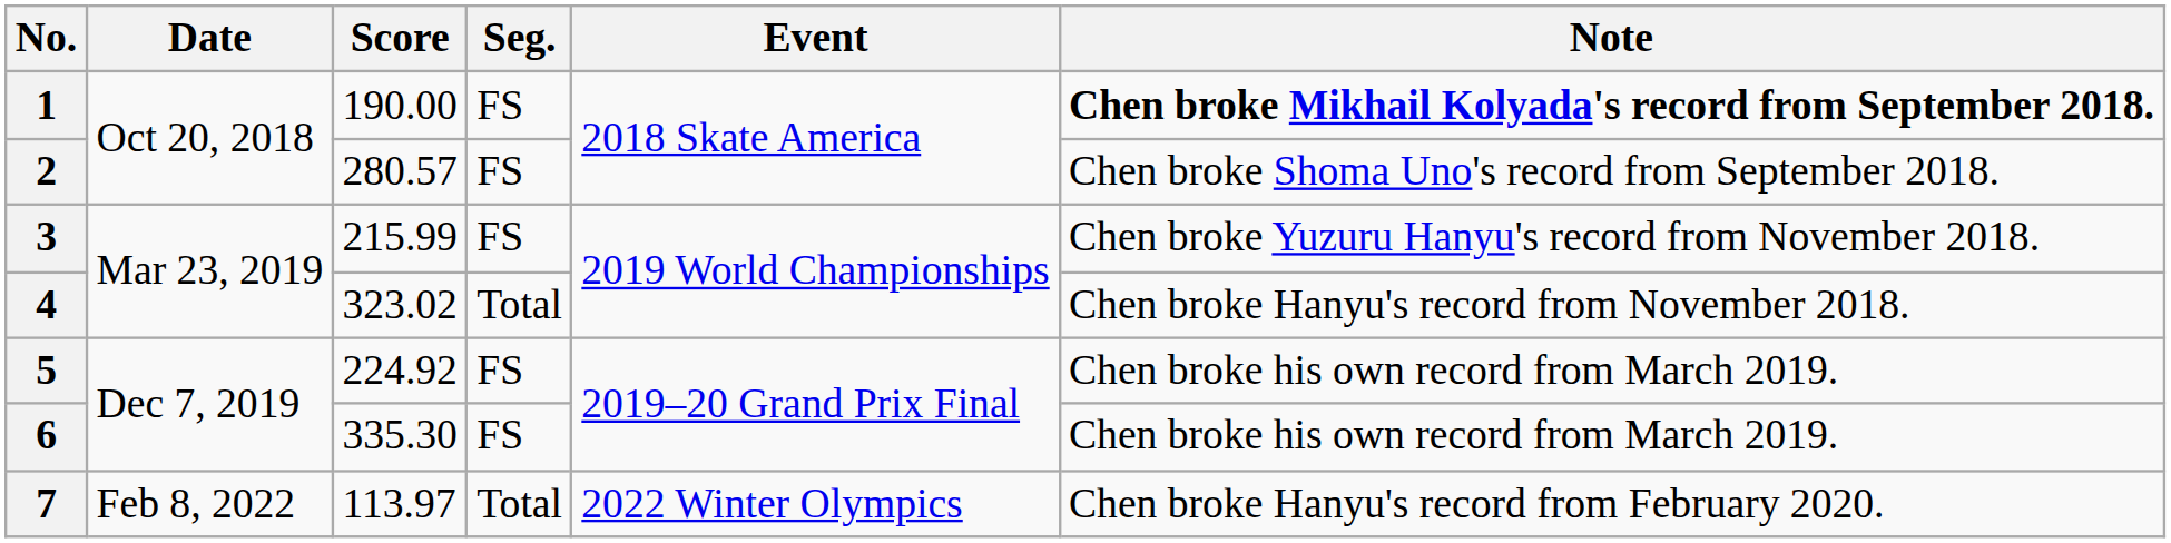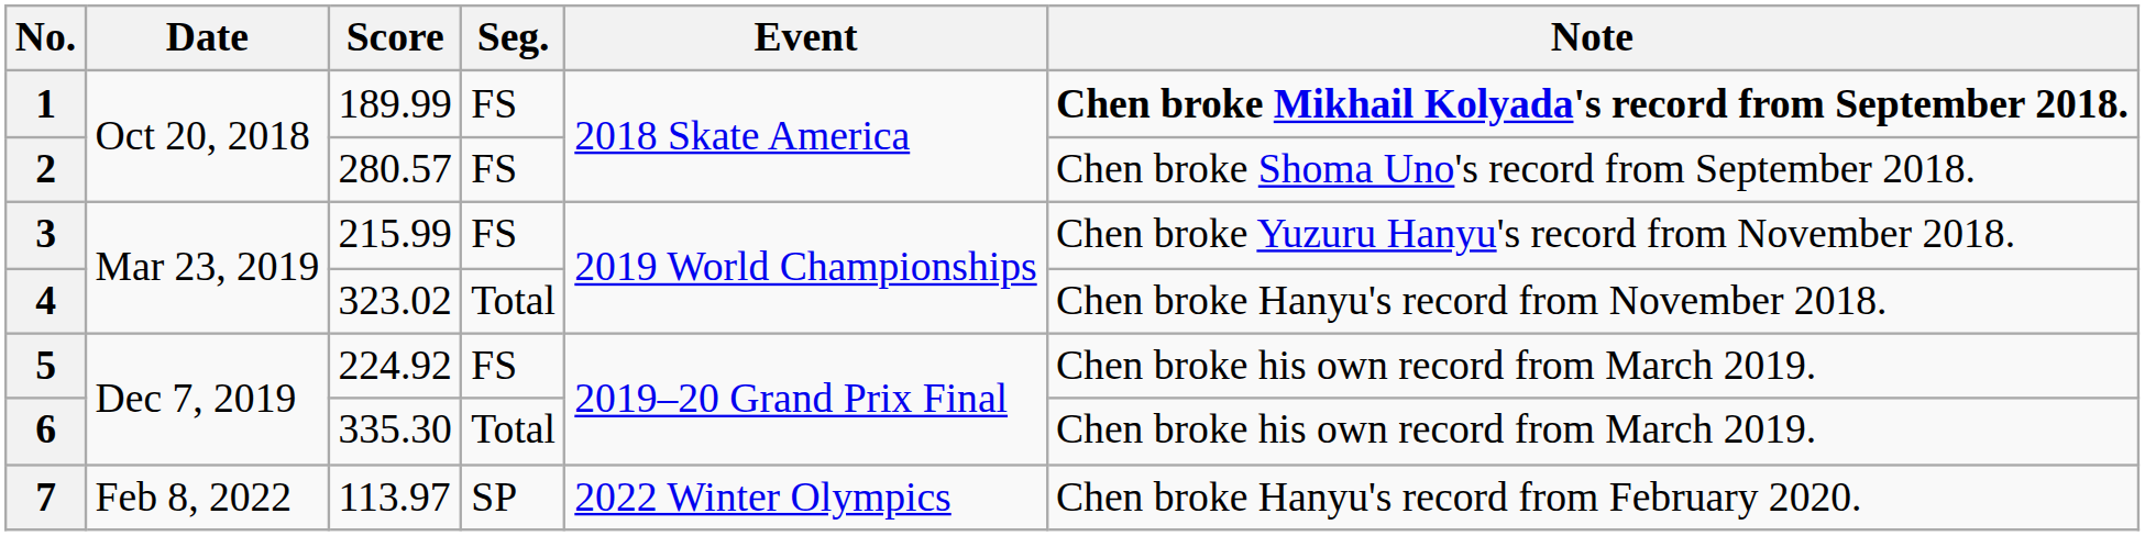 <table class="wikitable sortable">
 <tr>
 <th>No.</th>
 <th>Date</th>
 <th>Score</th>
 <th><abbr>Seg.</abbr></th>
 <th>Event</th>
 <th>Note</th>
 </tr>
 <tr>
 <th>1</th>
 <td rowspan="2">Oct 20, 2018</td>
-<td>190.00</td>
+<td>189.99</td>
 <td>FS</td>
 <td rowspan="2" style="align: center;"><a href='#'>2018 Skate America</a></td>
 <td><strong>Chen broke <a href='#'>Mikhail Kolyada</a>'s record from September 2018.</strong></td>
 </tr>
 <tr>
 <th>2</th>
 <td>280.57</td>
 <td>FS</td>
 <td>Chen broke <a href='#'>Shoma Uno</a>'s record from September 2018.</td>
 </tr>
 <tr>
 <th>3</th>
 <td rowspan="2">Mar 23, 2019</td>
 <td>215.99</td>
 <td>FS</td>
 <td rowspan="2" style="align: center;"><a href='#'>2019 World Championships</a></td>
 <td>Chen broke <a href='#'>Yuzuru Hanyu</a>'s record from November 2018.</td>
 </tr>
 <tr>
 <th>4</th>
 <td>323.02</td>
 <td>Total</td>
 <td>Chen broke Hanyu's record from November 2018.</td>
 </tr>
 <tr>
 <th>5</th>
 <td rowspan="2">Dec 7, 2019</td>
 <td>224.92</td>
 <td>FS</td>
 <td rowspan="2" style="align: center;"><a href='#'>2019–20 Grand Prix Final</a></td>
 <td>Chen broke his own record from March 2019.</td>
 </tr>
 <tr>
 <th>6</th>
 <td>335.30</td>
-<td>FS</td>
+<td>Total</td>
 <td>Chen broke his own record from March 2019.</td>
 </tr>
 <tr>
 <th>7</th>
 <td>Feb 8, 2022</td>
 <td>113.97</td>
-<td>Total</td>
+<td>SP</td>
 <td style="align: center;"><a href='#'>2022 Winter Olympics</a></td>
 <td>Chen broke Hanyu's record from February 2020.</td>
 </tr>
 </table>
